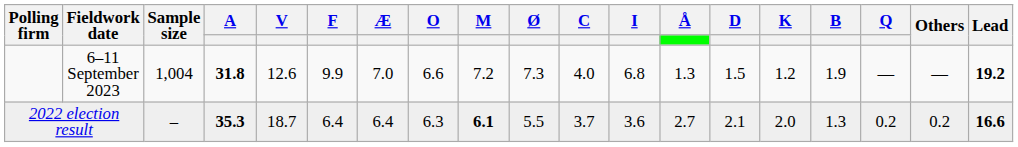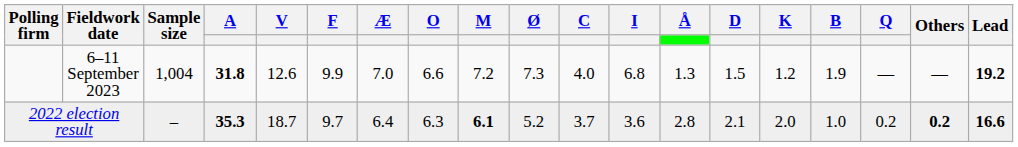 <table class="wikitable sortable mw-datatable" style="text-align:center;font-size:90%;line-height:14px;">
 <tr>
 <th rowspan="2">Polling<br>firm</th>
 <th rowspan="2">Fieldwork<br>date</th>
 <th rowspan="2">Sample<br>size</th>
 <th class="unsortable" style="width:40px;"><a href='#'>A</a></th>
 <th class="unsortable" style="width:40px;"><a href='#'>V</a></th>
 <th class="unsortable" style="width:40px;"><a href='#'>F</a></th>
 <th class="unsortable" style="width:40px;"><a href='#'>Æ</a></th>
 <th class="unsortable" style="width:40px;"><a href='#'>O</a></th>
 <th class="unsortable" style="width:40px;"><a href='#'>M</a></th>
 <th class="unsortable" style="width:40px;"><a href='#'>Ø</a></th>
 <th class="unsortable" style="width:40px;"><a href='#'>C</a></th>
 <th class="unsortable" style="width:40px;"><a href='#'>I</a></th>
 <th class="unsortable" style="width:40px;"><a href='#'>Å</a></th>
 <th class="unsortable" style="width:40px;"><a href='#'>D</a></th>
 <th class="unsortable" style="width:40px;"><a href='#'>K</a></th>
 <th class="unsortable" style="width:40px;"><a href='#'>B</a></th>
 <th class="unsortable" style="width:40px;"><a href='#'>Q</a></th>
 <th class="unsortable" style="width:40px;" rowspan="2">Others</th>
 <th rowspan="2">Lead</th>
 </tr>
 <tr>
 <th data-sort-type="number" style="background:"></th>
 <th data-sort-type="number" style="background:"></th>
 <th data-sort-type="number" style="background:"></th>
 <th data-sort-type="number" style="background:"></th>
 <th data-sort-type="number" style="background:"></th>
 <th data-sort-type="number" style="background:"></th>
 <th data-sort-type="number" style="background:"></th>
 <th data-sort-type="number" style="background:"></th>
 <th data-sort-type="number" style="background:"></th>
 <th data-sort-type="number" style="background:#00FF00;"></th>
 <th data-sort-type="number" style="background:"></th>
 <th data-sort-type="number" style="background:"></th>
 <th data-sort-type="number" style="background:"></th>
 <th data-sort-type="number" style="background:"></th>
 </tr>
 <tr>
 <td></td>
 <td>6–11 September 2023</td>
 <td>1,004</td>
 <td><strong>31.8</strong></td>
 <td>12.6</td>
 <td>9.9</td>
 <td>7.0</td>
 <td>6.6</td>
 <td>7.2</td>
 <td>7.3</td>
 <td>4.0</td>
 <td>6.8</td>
 <td>1.3</td>
 <td>1.5</td>
 <td>1.2</td>
 <td>1.9</td>
 <td>—</td>
 <td>—</td>
 <td><strong>19.2</strong></td>
 </tr>
 <tr style="background:#EFEFEF;">
 <td colspan="2"><em><a href='#'>2022 election result</a></em></td>
 <td>–</td>
 <td><strong>35.3</strong></td>
 <td>18.7</td>
-<td>6.4</td>
+<td>9.7</td>
 <td>6.4</td>
 <td>6.3</td>
 <td><strong>6.1</strong></td>
-<td>5.5</td>
+<td>5.2</td>
 <td>3.7</td>
 <td>3.6</td>
-<td>2.7</td>
+<td>2.8</td>
 <td>2.1</td>
 <td>2.0</td>
-<td>1.3</td>
+<td>1.0</td>
 <td>0.2</td>
-<td>0.2</td>
+<td><strong>0.2</strong></td>
 <td><strong>16.6</strong></td>
 </tr>
 </table>
